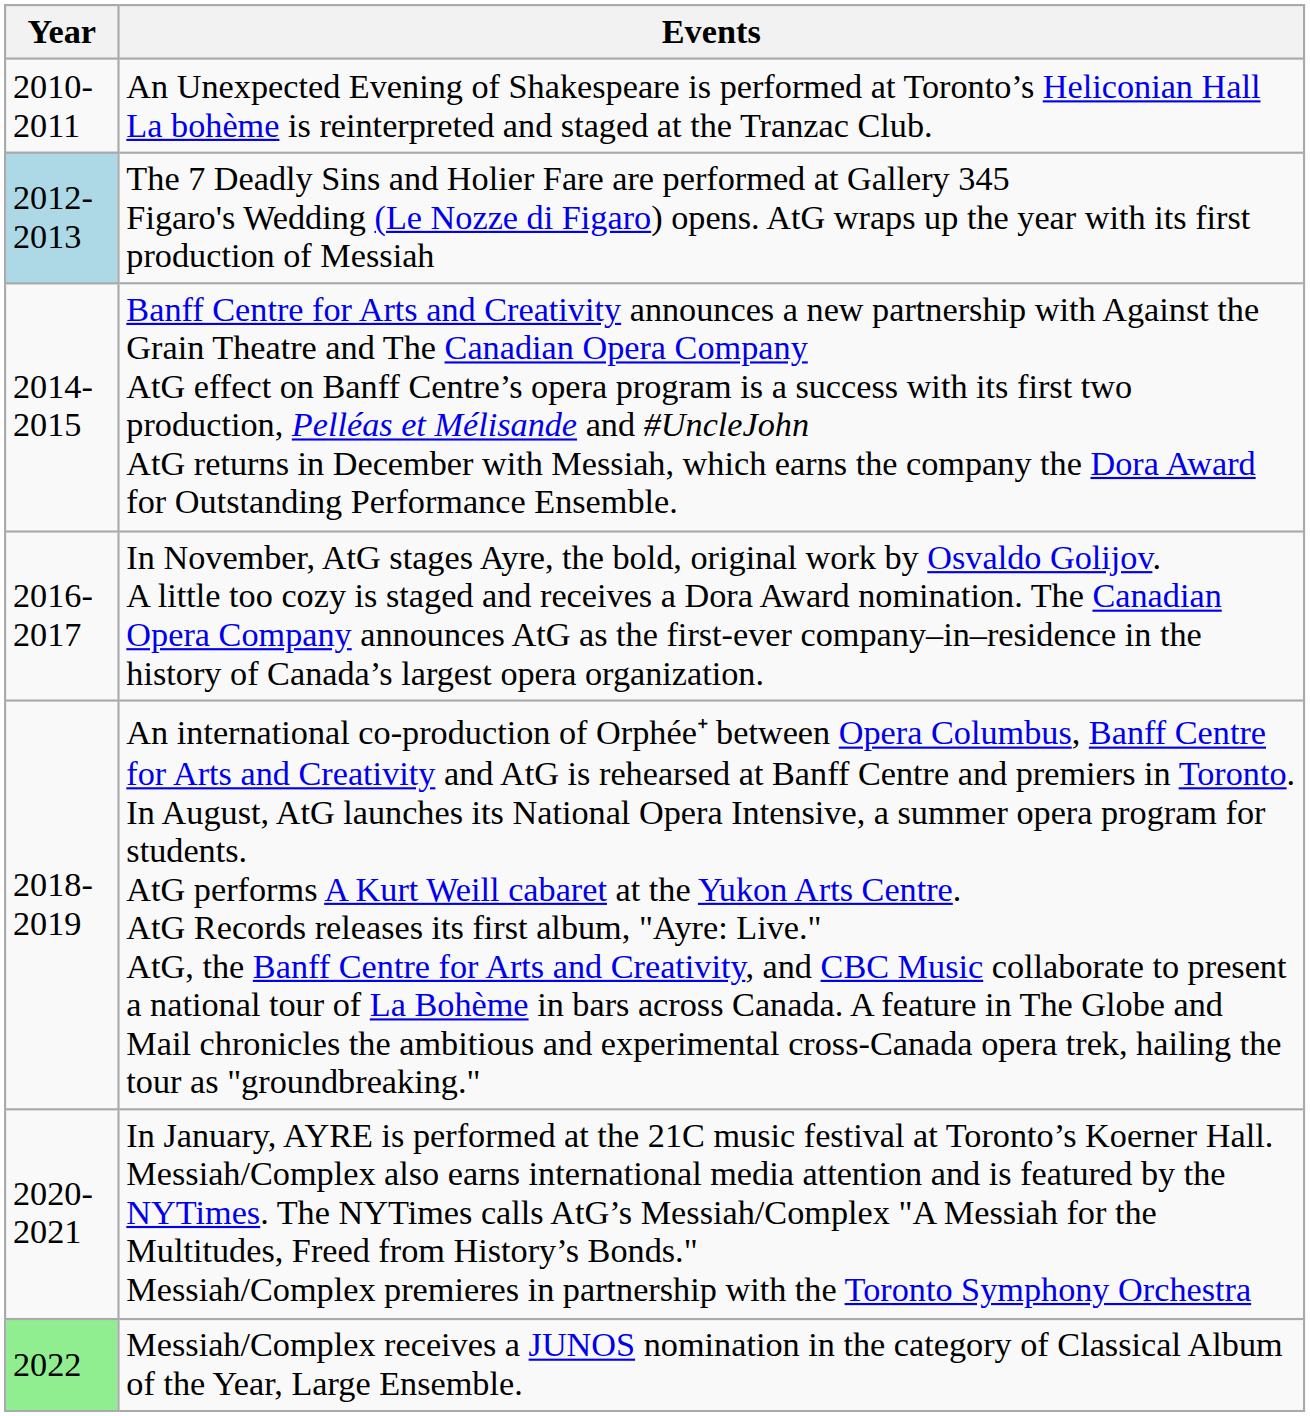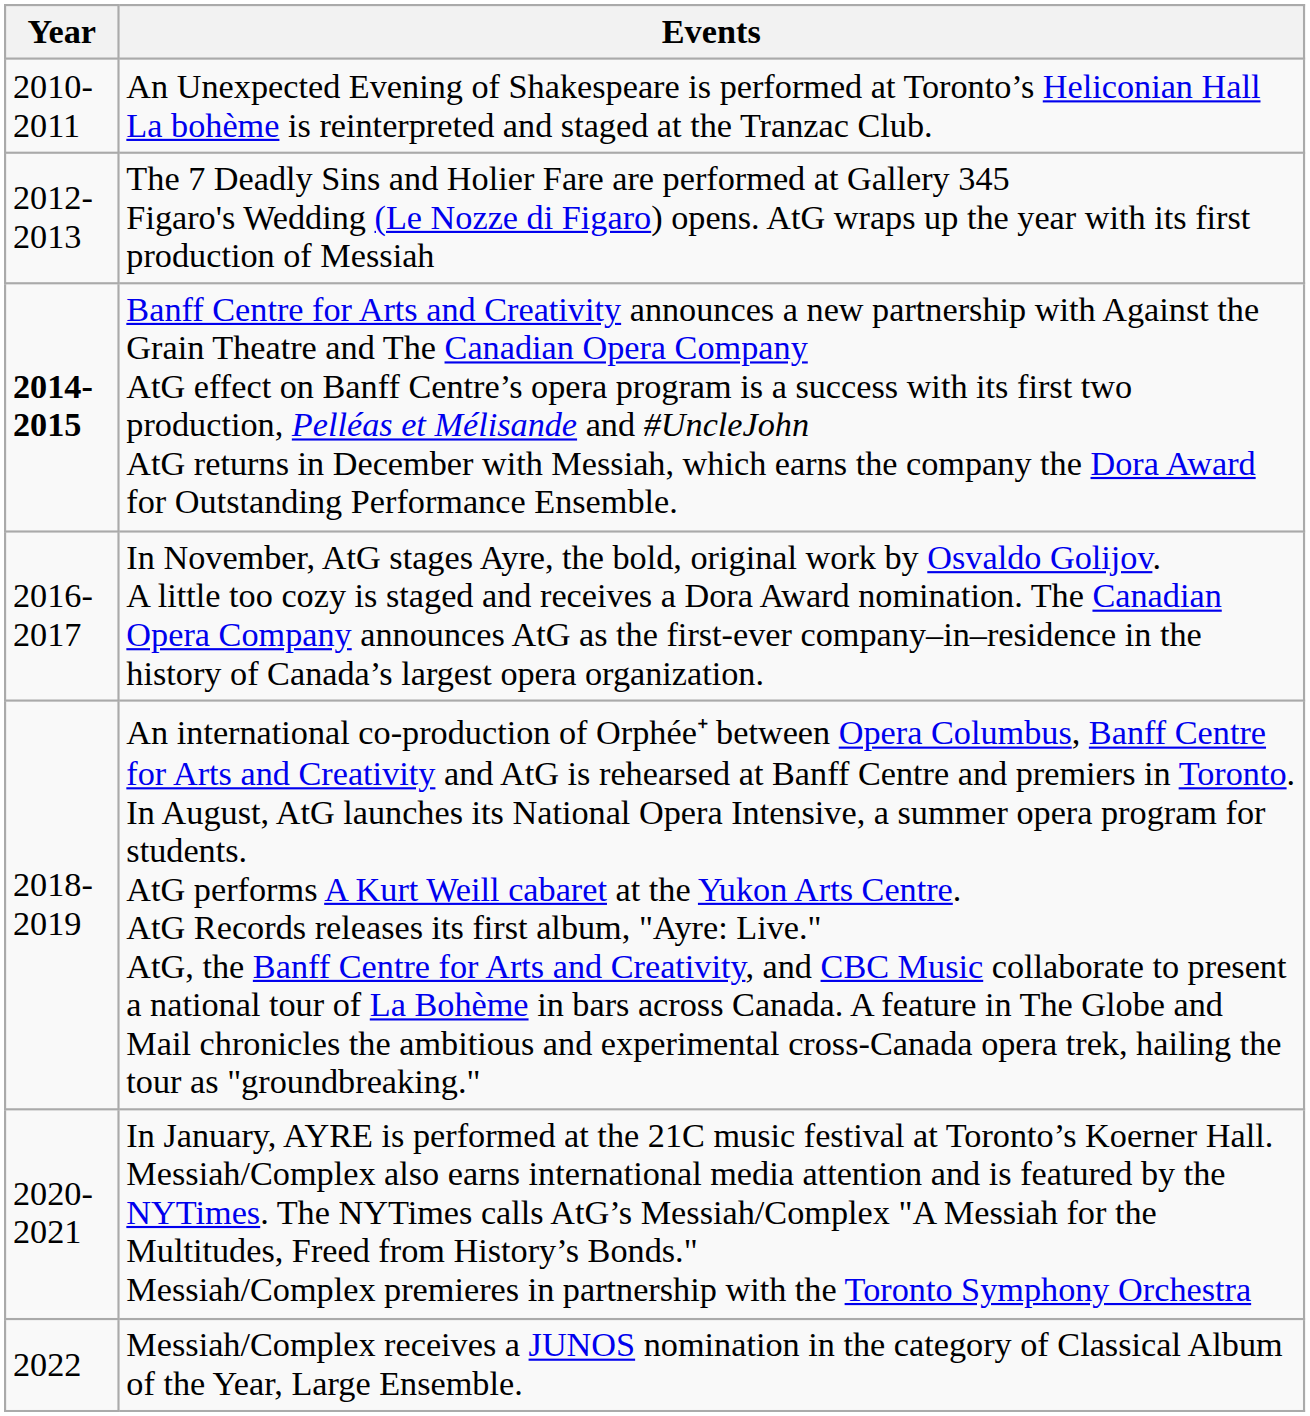 <table class="wikitable mw-collapsible mw-collapsed">
 <tr>
 <th>Year</th>
 <th>Events</th>
 </tr>
 <tr>
 <td>2010-2011</td>
 <td>An Unexpected Evening of Shakespeare is performed at Toronto’s <a href='#'>Heliconian Hall</a><br><a href='#'>La bohème</a> is reinterpreted and staged at the Tranzac Club.</td>
 </tr>
 <tr>
-<td style="background: lightblue;">2012-2013</td>
+<td>2012-2013</td>
 <td>The 7 Deadly Sins and Holier Fare are performed at Gallery 345<br>Figaro's Wedding <a href='#'>(Le Nozze di Figaro</a>) opens. AtG wraps up the year with its first production of Messiah</td>
 </tr>
 <tr>
-<td>2014-2015</td>
+<td><strong>2014-2015</strong></td>
 <td><a href='#'>Banff Centre for Arts and Creativity</a> announces a new partnership with Against the Grain Theatre and The <a href='#'>Canadian Opera Company</a><br>AtG effect on Banff Centre’s opera program is a success with its first two production, <em><a href='#'>Pelléas et Mélisande</a></em> and <em>#UncleJohn</em><br>AtG returns in December with Messiah, which earns the company the <a href='#'>Dora Award</a> for Outstanding Performance Ensemble.</td>
 </tr>
 <tr>
 <td>2016-2017</td>
 <td>In November, AtG stages Ayre, the bold, original work by <a href='#'>Osvaldo Golijov</a>.<br>A little too cozy is staged and receives a Dora Award nomination. The <a href='#'>Canadian Opera Company</a> announces AtG as the first-ever company–in–residence in the history of Canada’s largest opera organization.</td>
 </tr>
 <tr>
 <td>2018-2019</td>
 <td>An international co-production of Orphée⁺ between <a href='#'>Opera Columbus</a>, <a href='#'>Banff Centre for Arts and Creativity</a> and AtG is rehearsed at Banff Centre and premiers in <a href='#'>Toronto</a>.<br>In August, AtG launches its National Opera Intensive, a summer opera program for students.<br>AtG performs <a href='#'>A Kurt Weill cabaret</a> at the <a href='#'>Yukon Arts Centre</a>.<br>AtG Records releases its first album, "Ayre: Live."<br>AtG, the <a href='#'>Banff Centre for Arts and Creativity</a>, and <a href='#'>CBC Music</a> collaborate to present a national tour of <a href='#'>La Bohème</a> in bars across Canada. A feature in The Globe and Mail chronicles the ambitious and experimental cross-Canada opera trek, hailing the tour as "groundbreaking."</td>
 </tr>
 <tr>
 <td>2020-2021</td>
 <td>In January, AYRE is performed at the 21C music festival at Toronto’s Koerner Hall.<br>Messiah/Complex also earns international media attention and is featured by the <a href='#'>NYTimes</a>. The NYTimes calls AtG’s Messiah/Complex "A Messiah for the Multitudes, Freed from History’s Bonds."<br>Messiah/Complex premieres in partnership with the <a href='#'>Toronto Symphony Orchestra</a></td>
 </tr>
 <tr>
-<td style="background: lightgreen;">2022</td>
+<td>2022</td>
 <td>Messiah/Complex receives a <a href='#'>JUNOS</a> nomination in the category of Classical Album  of the Year, Large Ensemble.</td>
 </tr>
 </table>
